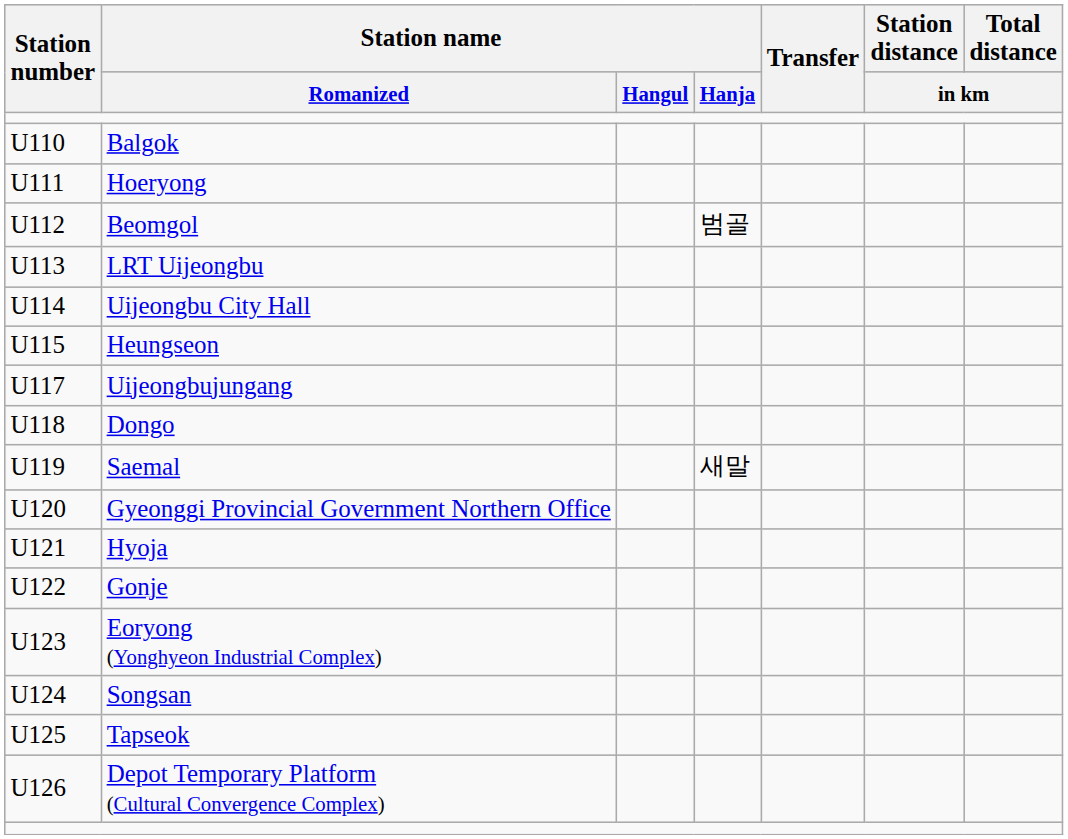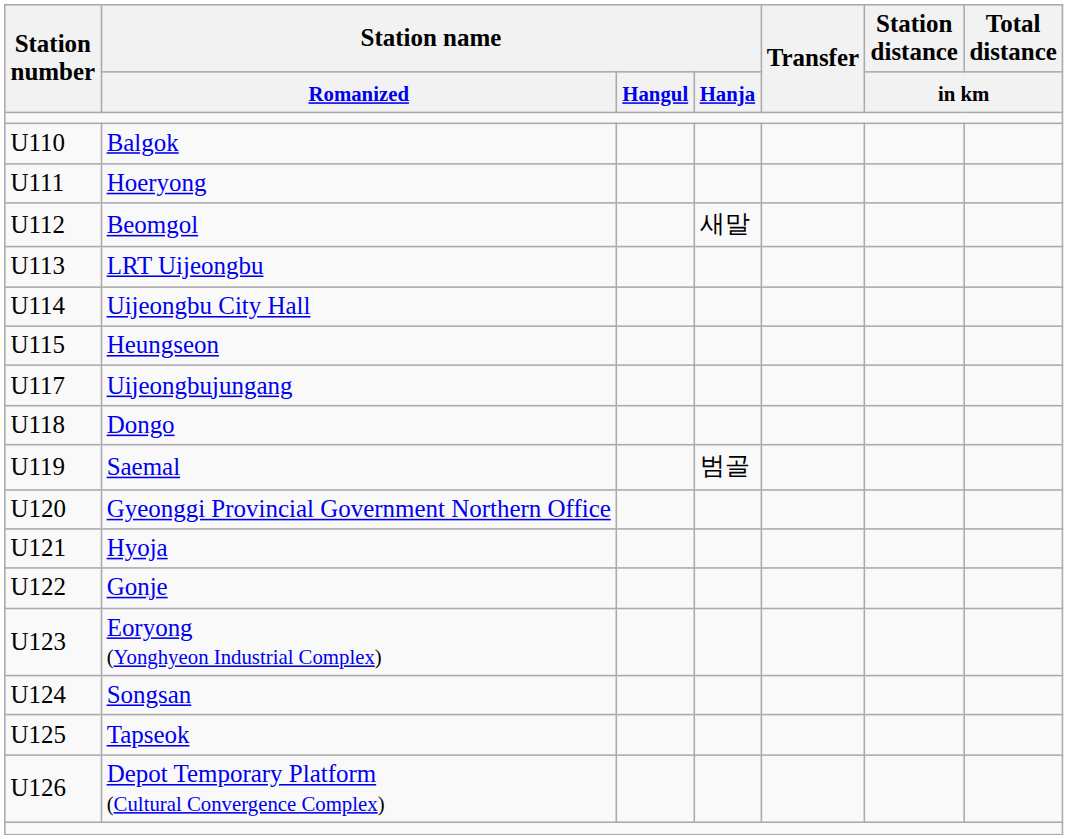 <table class="wikitable">
 <tr>
 <th rowspan="2"><strong>Station<br>number</strong></th>
 <th colspan="3"><strong>Station name</strong></th>
 <th rowspan="2"><strong>Transfer</strong></th>
 <th><strong>Station<br>distance</strong></th>
 <th><strong>Total<br>distance</strong></th>
 </tr>
 <tr>
 <th><small><a href='#'>Romanized</a></small></th>
 <th><small><a href='#'>Hangul</a></small></th>
 <th><small><a href='#'>Hanja</a></small></th>
 <th colspan="2"><small>in km</small></th>
 </tr>
 <tr style="background:#">
 <td colspan="12"></td>
 </tr>
 <tr>
 <td>U110</td>
 <td><a href='#'>Balgok</a></td>
 <td></td>
 <td></td>
 <td></td>
 <td></td>
 <td></td>
 </tr>
 <tr>
 <td>U111</td>
 <td><a href='#'>Hoeryong</a></td>
 <td></td>
 <td></td>
 <td></td>
 <td></td>
 <td></td>
 </tr>
 <tr>
 <td>U112</td>
 <td><a href='#'>Beomgol</a></td>
 <td></td>
-<td>범골</td>
+<td>새말</td>
 <td></td>
 <td></td>
 <td></td>
 </tr>
 <tr>
 <td>U113</td>
 <td><a href='#'>LRT Uijeongbu</a></td>
 <td></td>
 <td></td>
 <td></td>
 <td></td>
 <td></td>
 </tr>
 <tr>
 <td>U114</td>
 <td><a href='#'>Uijeongbu City Hall</a></td>
 <td></td>
 <td></td>
 <td></td>
 <td></td>
 <td></td>
 </tr>
 <tr>
 <td>U115</td>
 <td><a href='#'>Heungseon</a></td>
 <td></td>
 <td></td>
 <td></td>
 <td></td>
 <td></td>
 </tr>
 <tr>
 <td>U117</td>
 <td><a href='#'>Uijeongbujungang</a></td>
 <td></td>
 <td></td>
 <td></td>
 <td></td>
 <td></td>
 </tr>
 <tr>
 <td>U118</td>
 <td><a href='#'>Dongo</a></td>
 <td></td>
 <td></td>
 <td></td>
 <td></td>
 <td></td>
 </tr>
 <tr>
 <td>U119</td>
 <td><a href='#'>Saemal</a></td>
 <td></td>
-<td>새말</td>
+<td>범골</td>
 <td></td>
 <td></td>
 <td></td>
 </tr>
 <tr>
 <td>U120</td>
 <td><a href='#'>Gyeonggi Provincial Government Northern Office</a></td>
 <td></td>
 <td></td>
 <td></td>
 <td></td>
 <td></td>
 </tr>
 <tr>
 <td>U121</td>
 <td><a href='#'>Hyoja</a></td>
 <td></td>
 <td></td>
 <td></td>
 <td></td>
 <td></td>
 </tr>
 <tr>
 <td>U122</td>
 <td><a href='#'>Gonje</a></td>
 <td></td>
 <td></td>
 <td></td>
 <td></td>
 <td></td>
 </tr>
 <tr>
 <td>U123</td>
 <td><a href='#'>Eoryong</a> <br><small>(<a href='#'>Yonghyeon Industrial Complex</a>)</small></td>
 <td></td>
 <td></td>
 <td></td>
 <td></td>
 <td></td>
 </tr>
 <tr>
 <td>U124</td>
 <td><a href='#'>Songsan</a></td>
 <td></td>
 <td></td>
 <td></td>
 <td></td>
 <td></td>
 </tr>
 <tr>
 <td>U125</td>
 <td><a href='#'>Tapseok</a></td>
 <td></td>
 <td></td>
 <td></td>
 <td></td>
 <td></td>
 </tr>
 <tr>
 <td>U126</td>
 <td><a href='#'>Depot Temporary Platform</a> <br><small>(<a href='#'>Cultural Convergence Complex</a>)</small></td>
 <td></td>
 <td></td>
 <td></td>
 <td></td>
 <td></td>
 </tr>
 <tr style="background:#">
 <td colspan="12"></td>
 </tr>
 </table>
